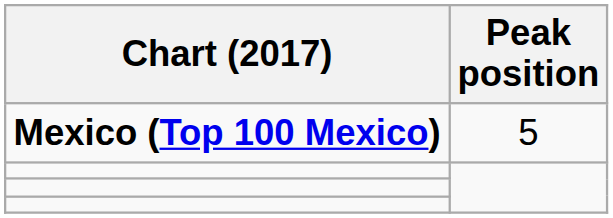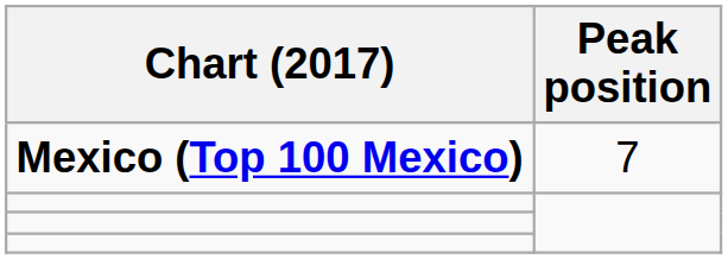 <table class="wikitable sortable">
 <tr>
 <th>Chart (2017)</th>
 <th>Peak<br>position</th>
 </tr>
 <tr>
 <td><strong>Mexico (<a href='#'>Top 100 Mexico</a>)</strong></td>
-<td style="text-align:center;">5</td>
+<td style="text-align:center;">7</td>
 </tr>
 <tr>
 <td></td>
 </tr>
 <tr>
 <td></td>
 </tr>
 <tr>
 <td></td>
 </tr>
 </table>
